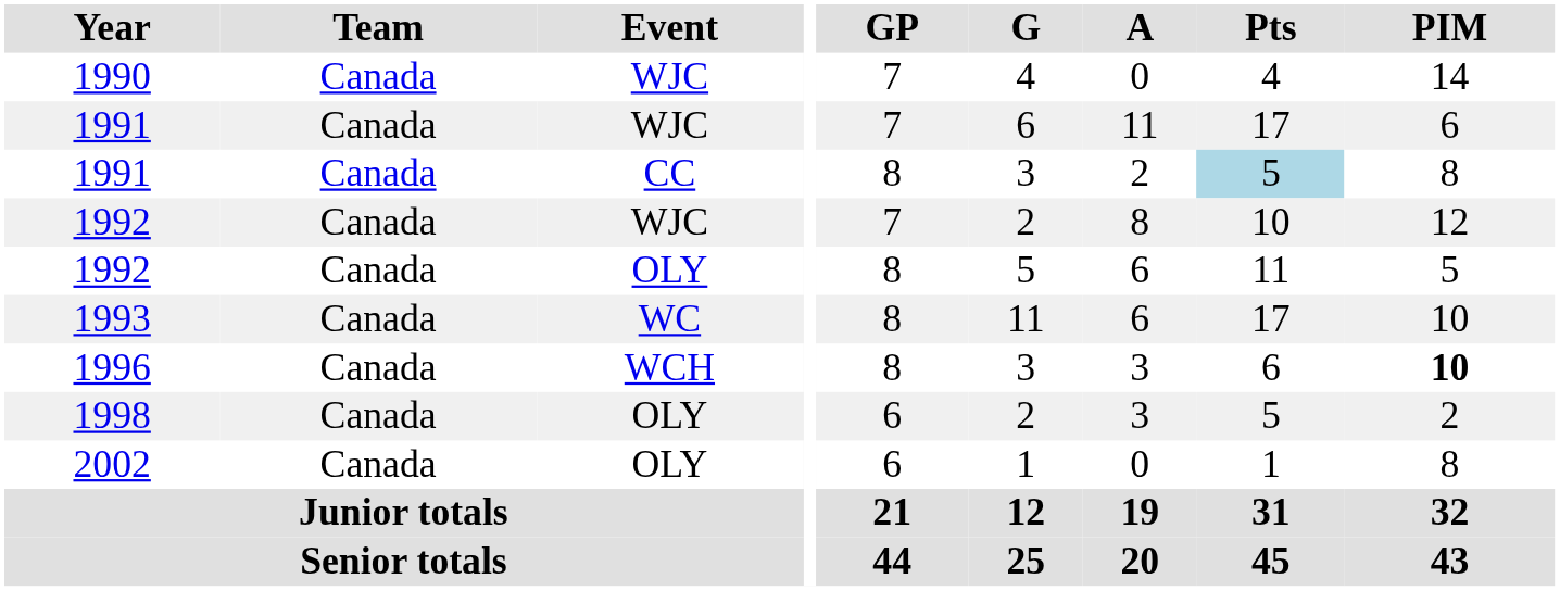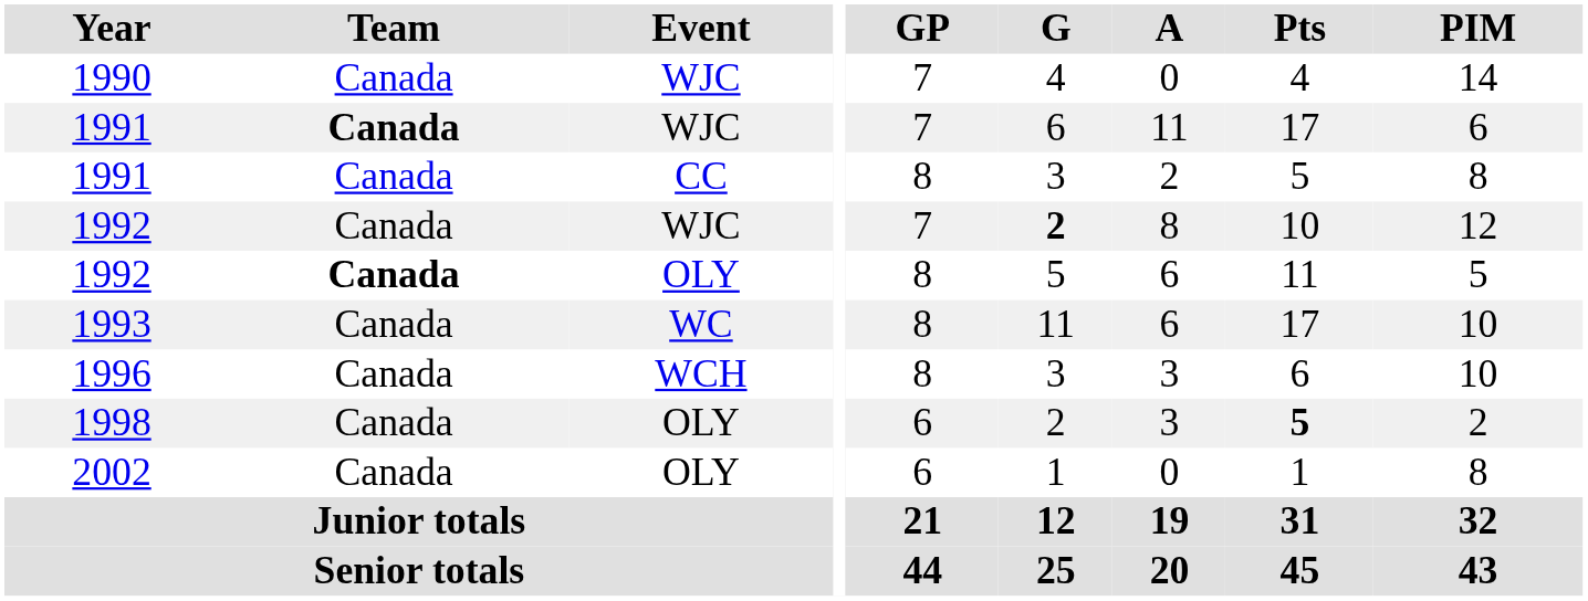 <table border="0" cellpadding="1" cellspacing="0" ID="Table3" style="text-align:center; width:40em;">
 <tr bgcolor="#e0e0e0">
 <th>Year</th>
 <th>Team</th>
 <th>Event</th>
 <th rowspan="102" bgcolor="#ffffff"></th>
 <th>GP</th>
 <th>G</th>
 <th>A</th>
 <th>Pts</th>
 <th>PIM</th>
 </tr>
 <tr>
 <td><a href='#'>1990</a></td>
 <td><a href='#'>Canada</a></td>
 <td><a href='#'>WJC</a></td>
 <td>7</td>
 <td>4</td>
 <td>0</td>
 <td>4</td>
 <td>14</td>
 </tr>
 <tr bgcolor="#f0f0f0">
 <td><a href='#'>1991</a></td>
-<td>Canada</td>
+<td><strong>Canada</strong></td>
 <td>WJC</td>
 <td>7</td>
 <td>6</td>
 <td>11</td>
 <td>17</td>
 <td>6</td>
 </tr>
 <tr>
 <td><a href='#'>1991</a></td>
 <td><a href='#'>Canada</a></td>
 <td><a href='#'>CC</a></td>
 <td>8</td>
 <td>3</td>
 <td>2</td>
-<td style="background: lightblue;">5</td>
+<td>5</td>
 <td>8</td>
 </tr>
 <tr bgcolor="#f0f0f0">
 <td><a href='#'>1992</a></td>
 <td>Canada</td>
 <td>WJC</td>
 <td>7</td>
-<td>2</td>
+<td><strong>2</strong></td>
 <td>8</td>
 <td>10</td>
 <td>12</td>
 </tr>
 <tr>
 <td><a href='#'>1992</a></td>
-<td>Canada</td>
+<td><strong>Canada</strong></td>
 <td><a href='#'>OLY</a></td>
 <td>8</td>
 <td>5</td>
 <td>6</td>
 <td>11</td>
 <td>5</td>
 </tr>
 <tr bgcolor="#f0f0f0">
 <td><a href='#'>1993</a></td>
 <td>Canada</td>
 <td><a href='#'>WC</a></td>
 <td>8</td>
 <td>11</td>
 <td>6</td>
 <td>17</td>
 <td>10</td>
 </tr>
 <tr>
 <td><a href='#'>1996</a></td>
 <td>Canada</td>
 <td><a href='#'>WCH</a></td>
 <td>8</td>
 <td>3</td>
 <td>3</td>
 <td>6</td>
-<td><strong>10</strong></td>
+<td>10</td>
 </tr>
 <tr bgcolor="#f0f0f0">
 <td><a href='#'>1998</a></td>
 <td>Canada</td>
 <td>OLY</td>
 <td>6</td>
 <td>2</td>
 <td>3</td>
-<td>5</td>
+<td><strong>5</strong></td>
 <td>2</td>
 </tr>
 <tr>
 <td><a href='#'>2002</a></td>
 <td>Canada</td>
 <td>OLY</td>
 <td>6</td>
 <td>1</td>
 <td>0</td>
 <td>1</td>
 <td>8</td>
 </tr>
 <tr bgcolor="#e0e0e0">
 <th colspan="3">Junior totals</th>
 <th>21</th>
 <th>12</th>
 <th>19</th>
 <th>31</th>
 <th>32</th>
 </tr>
 <tr bgcolor="#e0e0e0">
 <th colspan="3">Senior totals</th>
 <th>44</th>
 <th>25</th>
 <th>20</th>
 <th>45</th>
 <th>43</th>
 </tr>
 </table>
